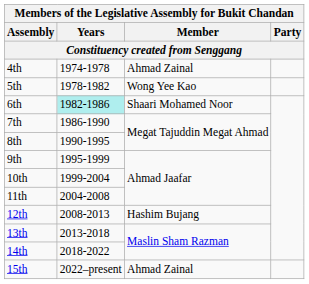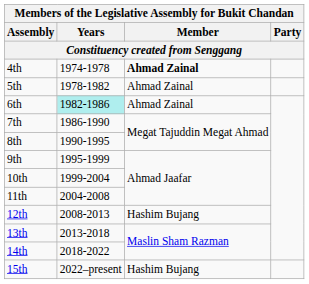 <table class=wikitable>
 <tr>
 <th colspan=4>Members of the Legislative Assembly for Bukit Chandan</th>
 </tr>
 <tr>
 <th>Assembly</th>
 <th>Years</th>
 <th>Member</th>
 <th>Party</th>
 </tr>
 <tr>
 <th colspan=4 align=center><em>Constituency created from Senggang</em></th>
 </tr>
 <tr>
 <td>4th</td>
 <td>1974-1978</td>
-<td>Ahmad Zainal</td>
+<td><strong>Ahmad Zainal</strong></td>
 <td></td>
 </tr>
 <tr>
 <td>5th</td>
 <td>1978-1982</td>
-<td>Wong Yee Kao</td>
+<td>Ahmad Zainal</td>
 <td></td>
 </tr>
 <tr>
 <td>6th</td>
 <td style="background: paleturquoise;">1982-1986</td>
-<td>Shaari Mohamed Noor</td>
+<td>Ahmad Zainal</td>
 <td rowspan="9"></td>
 </tr>
 <tr>
 <td>7th</td>
 <td>1986-1990</td>
 <td rowspan=2>Megat Tajuddin Megat Ahmad</td>
 </tr>
 <tr>
 <td>8th</td>
 <td>1990-1995</td>
 </tr>
 <tr>
 <td>9th</td>
 <td>1995-1999</td>
 <td rowspan=3>Ahmad Jaafar</td>
 </tr>
 <tr>
 <td>10th</td>
 <td>1999-2004</td>
 </tr>
 <tr>
 <td>11th</td>
 <td>2004-2008</td>
 </tr>
 <tr>
 <td><a href='#'>12th</a></td>
 <td>2008-2013</td>
 <td>Hashim Bujang</td>
 </tr>
 <tr>
 <td><a href='#'>13th</a></td>
 <td>2013-2018</td>
 <td rowspan=2><a href='#'>Maslin Sham Razman</a></td>
 </tr>
 <tr>
 <td><a href='#'>14th</a></td>
 <td>2018-2022</td>
 </tr>
 <tr>
 <td><a href='#'>15th</a></td>
 <td>2022–present</td>
-<td>Ahmad Zainal</td>
+<td>Hashim Bujang</td>
 <td></td>
 </tr>
 </table>
